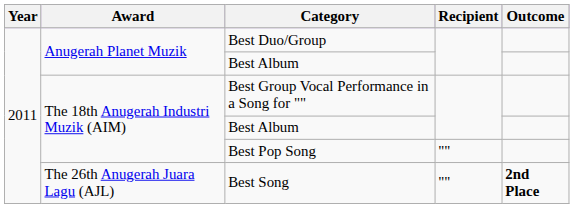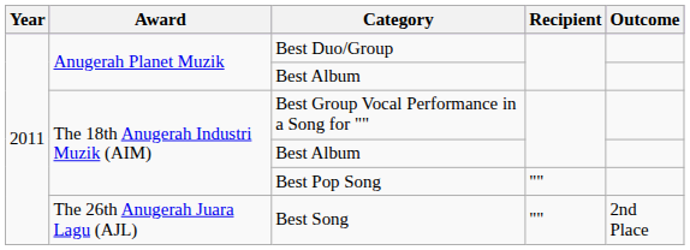 <table class="wikitable">
 <tr style="background:#96c; text-align:center;">
 <th style="text-align:center;">Year</th>
 <th>Award</th>
 <th>Category</th>
 <th>Recipient</th>
 <th>Outcome</th>
 </tr>
 <tr>
 <td rowspan="6">2011</td>
 <td rowspan="2"><a href='#'>Anugerah Planet Muzik</a></td>
 <td>Best Duo/Group</td>
 <td rowspan="2"></td>
 <td></td>
 </tr>
 <tr>
 <td>Best Album</td>
 <td></td>
 </tr>
 <tr>
 <td rowspan="3">The 18th <a href='#'>Anugerah Industri Muzik</a> (AIM) </td>
 <td>Best Group Vocal Performance in a Song for ""</td>
 <td rowspan="2"></td>
 <td></td>
 </tr>
 <tr>
 <td>Best Album</td>
 <td></td>
 </tr>
 <tr>
 <td>Best Pop Song</td>
 <td>""</td>
 <td></td>
 </tr>
 <tr>
 <td rowspan="1">The 26th <a href='#'>Anugerah Juara Lagu</a> (AJL) </td>
 <td>Best Song</td>
 <td>""</td>
-<td><strong>2nd Place</strong></td>
+<td>2nd Place</td>
 </tr>
 </table>
